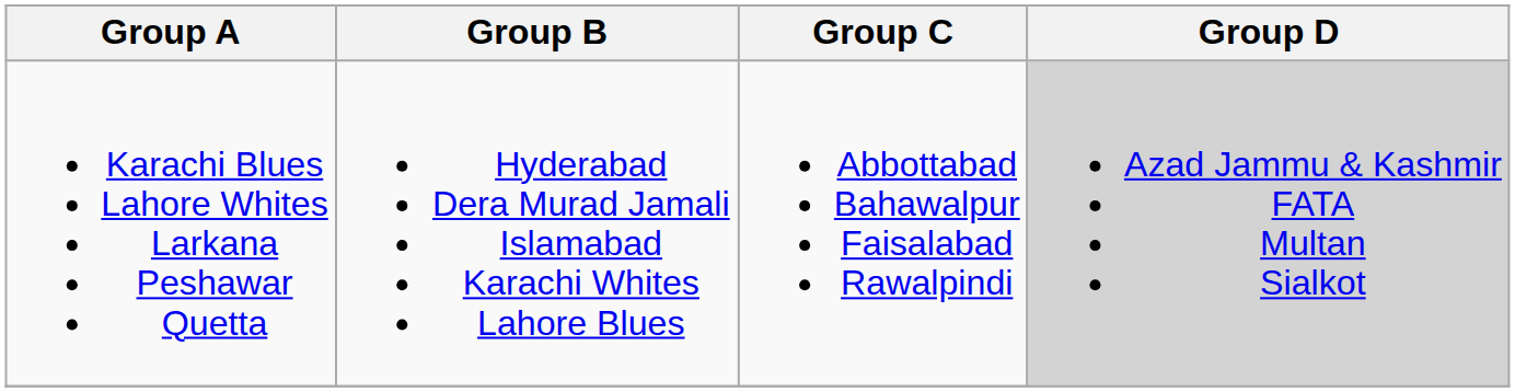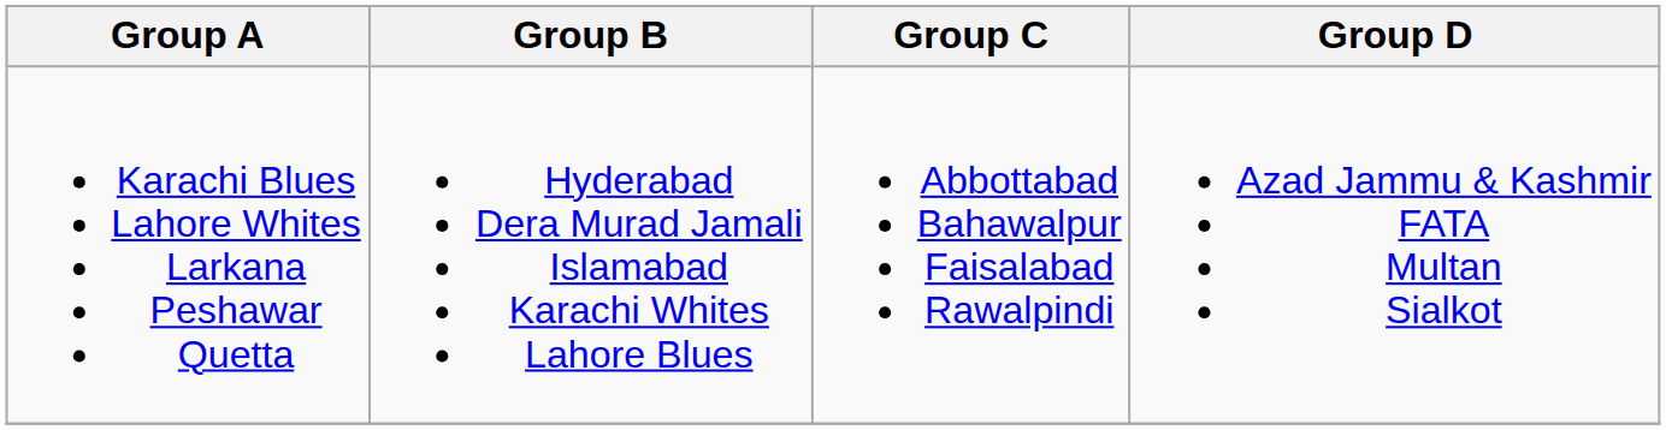 <table class="wikitable" style="text-align:center; margin:auto">
 <tr>
 <th>Group A</th>
 <th>Group B</th>
 <th>Group C</th>
 <th>Group D</th>
 </tr>
 <tr style="vertical-align:top">
 <td><br><ul><li><a href='#'>Karachi Blues</a></li><li><a href='#'>Lahore Whites</a></li><li><a href='#'>Larkana</a></li><li><a href='#'>Peshawar</a></li><li><a href='#'>Quetta</a></li></ul></td>
 <td><br><ul><li><a href='#'>Hyderabad</a></li><li><a href='#'>Dera Murad Jamali</a></li><li><a href='#'>Islamabad</a></li><li><a href='#'>Karachi Whites</a></li><li><a href='#'>Lahore Blues</a></li></ul></td>
 <td><br><ul><li><a href='#'>Abbottabad</a></li><li><a href='#'>Bahawalpur</a></li><li><a href='#'>Faisalabad</a></li><li><a href='#'>Rawalpindi</a></li></ul></td>
-<td style="background: lightgrey;"><br><ul><li><a href='#'>Azad Jammu & Kashmir</a></li><li><a href='#'>FATA</a></li><li><a href='#'>Multan</a></li><li><a href='#'>Sialkot</a></li></ul></td>
+<td><br><ul><li><a href='#'>Azad Jammu & Kashmir</a></li><li><a href='#'>FATA</a></li><li><a href='#'>Multan</a></li><li><a href='#'>Sialkot</a></li></ul></td>
 </tr>
 <tr>
 </tr>
 </table>
